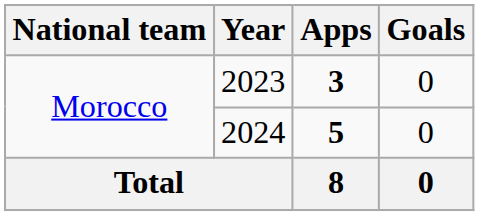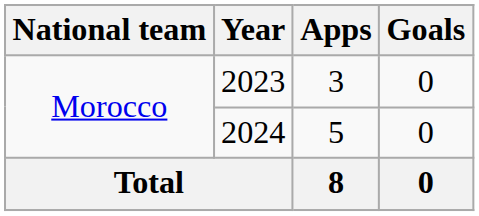 <table class=wikitable style=text-align:center>
 <tr>
 <th>National team</th>
 <th>Year</th>
 <th>Apps</th>
 <th>Goals</th>
 </tr>
 <tr>
 <td rowspan="2"><a href='#'>Morocco</a></td>
 <td>2023</td>
-<td><strong>3</strong></td>
+<td>3</td>
 <td>0</td>
 </tr>
 <tr>
 <td>2024</td>
-<td><strong>5</strong></td>
+<td>5</td>
 <td>0</td>
 </tr>
 <tr>
 <th colspan="2">Total</th>
 <th>8</th>
 <th>0</th>
 </tr>
 </table>
